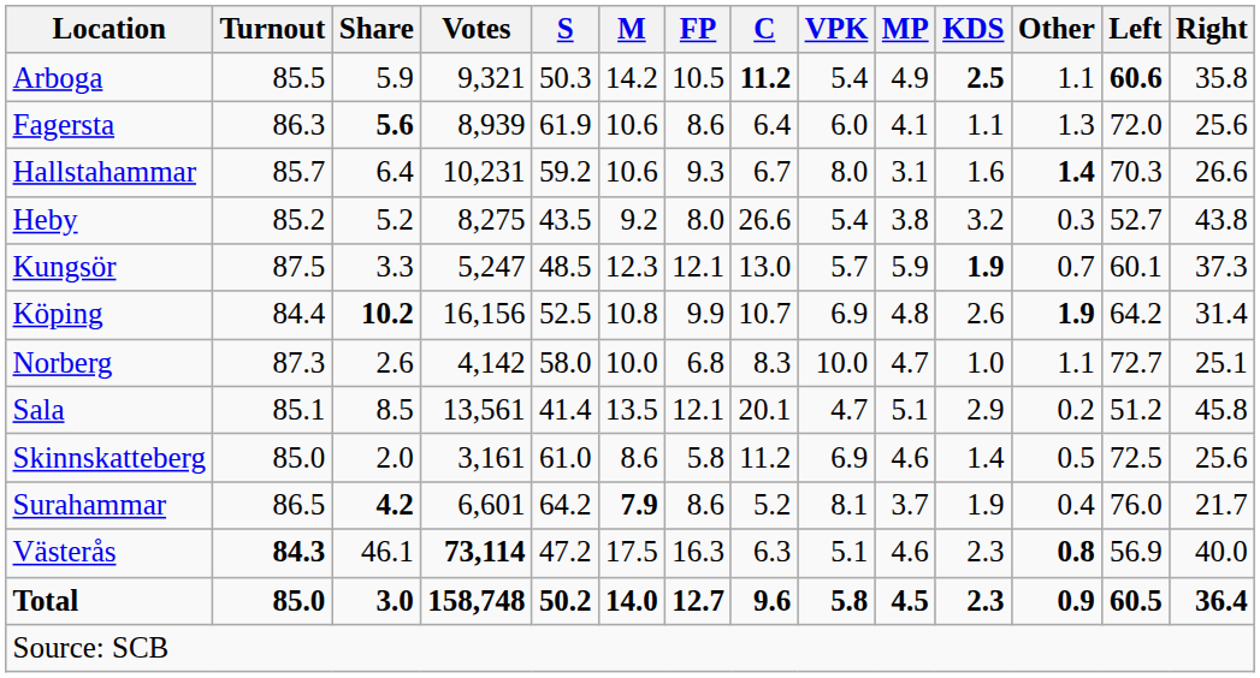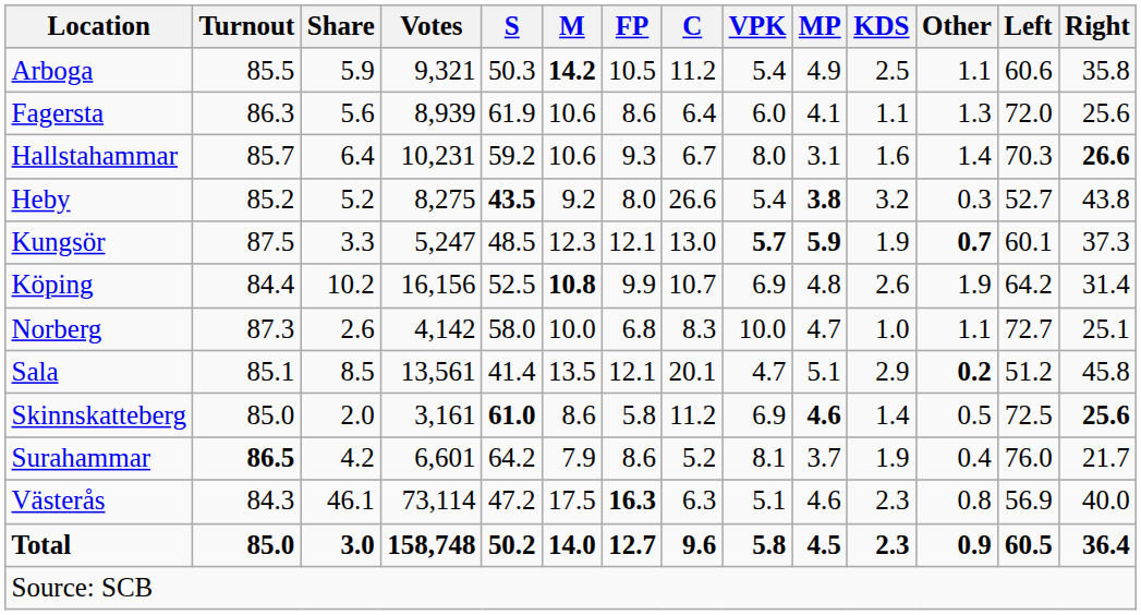 <table class="wikitable sortable" style=text-align:right>
 <tr>
 <th>Location</th>
 <th>Turnout</th>
 <th>Share</th>
 <th>Votes</th>
 <th><a href='#'>S</a></th>
 <th><a href='#'>M</a></th>
 <th><a href='#'>FP</a></th>
 <th><a href='#'>C</a></th>
 <th><a href='#'>VPK</a></th>
 <th><a href='#'>MP</a></th>
 <th><a href='#'>KDS</a></th>
 <th>Other</th>
 <th>Left</th>
 <th>Right</th>
 </tr>
 <tr>
 <td align=left><a href='#'>Arboga</a></td>
 <td>85.5</td>
 <td>5.9</td>
 <td>9,321</td>
 <td>50.3</td>
-<td>14.2</td>
+<td><strong>14.2</strong></td>
 <td>10.5</td>
-<td><strong>11.2</strong></td>
+<td>11.2</td>
 <td>5.4</td>
 <td>4.9</td>
-<td><strong>2.5</strong></td>
+<td>2.5</td>
 <td>1.1</td>
-<td><strong>60.6</strong></td>
+<td>60.6</td>
 <td>35.8</td>
 </tr>
 <tr>
 <td align=left><a href='#'>Fagersta</a></td>
 <td>86.3</td>
-<td><strong>5.6</strong></td>
+<td>5.6</td>
 <td>8,939</td>
 <td>61.9</td>
 <td>10.6</td>
 <td>8.6</td>
 <td>6.4</td>
 <td>6.0</td>
 <td>4.1</td>
 <td>1.1</td>
 <td>1.3</td>
 <td>72.0</td>
 <td>25.6</td>
 </tr>
 <tr>
 <td align=left><a href='#'>Hallstahammar</a></td>
 <td>85.7</td>
 <td>6.4</td>
 <td>10,231</td>
 <td>59.2</td>
 <td>10.6</td>
 <td>9.3</td>
 <td>6.7</td>
 <td>8.0</td>
 <td>3.1</td>
 <td>1.6</td>
-<td><strong>1.4</strong></td>
+<td>1.4</td>
 <td>70.3</td>
-<td>26.6</td>
+<td><strong>26.6</strong></td>
 </tr>
 <tr>
 <td align=left><a href='#'>Heby</a></td>
 <td>85.2</td>
 <td>5.2</td>
 <td>8,275</td>
-<td>43.5</td>
+<td><strong>43.5</strong></td>
 <td>9.2</td>
 <td>8.0</td>
 <td>26.6</td>
 <td>5.4</td>
-<td>3.8</td>
+<td><strong>3.8</strong></td>
 <td>3.2</td>
 <td>0.3</td>
 <td>52.7</td>
 <td>43.8</td>
 </tr>
 <tr>
 <td align=left><a href='#'>Kungsör</a></td>
 <td>87.5</td>
 <td>3.3</td>
 <td>5,247</td>
 <td>48.5</td>
 <td>12.3</td>
 <td>12.1</td>
 <td>13.0</td>
-<td>5.7</td>
-<td>5.9</td>
-<td><strong>1.9</strong></td>
-<td>0.7</td>
+<td><strong>5.7</strong></td>
+<td><strong>5.9</strong></td>
+<td>1.9</td>
+<td><strong>0.7</strong></td>
 <td>60.1</td>
 <td>37.3</td>
 </tr>
 <tr>
 <td align=left><a href='#'>Köping</a></td>
 <td>84.4</td>
-<td><strong>10.2</strong></td>
+<td>10.2</td>
 <td>16,156</td>
 <td>52.5</td>
-<td>10.8</td>
+<td><strong>10.8</strong></td>
 <td>9.9</td>
 <td>10.7</td>
 <td>6.9</td>
 <td>4.8</td>
 <td>2.6</td>
-<td><strong>1.9</strong></td>
+<td>1.9</td>
 <td>64.2</td>
 <td>31.4</td>
 </tr>
 <tr>
 <td align=left><a href='#'>Norberg</a></td>
 <td>87.3</td>
 <td>2.6</td>
 <td>4,142</td>
 <td>58.0</td>
 <td>10.0</td>
 <td>6.8</td>
 <td>8.3</td>
 <td>10.0</td>
 <td>4.7</td>
 <td>1.0</td>
 <td>1.1</td>
 <td>72.7</td>
 <td>25.1</td>
 </tr>
 <tr>
 <td align=left><a href='#'>Sala</a></td>
 <td>85.1</td>
 <td>8.5</td>
 <td>13,561</td>
 <td>41.4</td>
 <td>13.5</td>
 <td>12.1</td>
 <td>20.1</td>
 <td>4.7</td>
 <td>5.1</td>
 <td>2.9</td>
-<td>0.2</td>
+<td><strong>0.2</strong></td>
 <td>51.2</td>
 <td>45.8</td>
 </tr>
 <tr>
 <td align=left><a href='#'>Skinnskatteberg</a></td>
 <td>85.0</td>
 <td>2.0</td>
 <td>3,161</td>
-<td>61.0</td>
+<td><strong>61.0</strong></td>
 <td>8.6</td>
 <td>5.8</td>
 <td>11.2</td>
 <td>6.9</td>
-<td>4.6</td>
+<td><strong>4.6</strong></td>
 <td>1.4</td>
 <td>0.5</td>
 <td>72.5</td>
-<td>25.6</td>
+<td><strong>25.6</strong></td>
 </tr>
 <tr>
 <td align=left><a href='#'>Surahammar</a></td>
-<td>86.5</td>
-<td><strong>4.2</strong></td>
+<td><strong>86.5</strong></td>
+<td>4.2</td>
 <td>6,601</td>
 <td>64.2</td>
-<td><strong>7.9</strong></td>
+<td>7.9</td>
 <td>8.6</td>
 <td>5.2</td>
 <td>8.1</td>
 <td>3.7</td>
 <td>1.9</td>
 <td>0.4</td>
 <td>76.0</td>
 <td>21.7</td>
 </tr>
 <tr>
 <td align=left><a href='#'>Västerås</a></td>
-<td><strong>84.3</strong></td>
+<td>84.3</td>
 <td>46.1</td>
-<td><strong>73,114</strong></td>
+<td>73,114</td>
 <td>47.2</td>
 <td>17.5</td>
-<td>16.3</td>
+<td><strong>16.3</strong></td>
 <td>6.3</td>
 <td>5.1</td>
 <td>4.6</td>
 <td>2.3</td>
-<td><strong>0.8</strong></td>
+<td>0.8</td>
 <td>56.9</td>
 <td>40.0</td>
 </tr>
 <tr>
 <td align=left><strong>Total</strong></td>
 <td><strong>85.0</strong></td>
 <td><strong>3.0</strong></td>
 <td><strong>158,748</strong></td>
 <td><strong>50.2</strong></td>
 <td><strong>14.0</strong></td>
 <td><strong>12.7</strong></td>
 <td><strong>9.6</strong></td>
 <td><strong>5.8</strong></td>
 <td><strong>4.5</strong></td>
 <td><strong>2.3</strong></td>
 <td><strong>0.9</strong></td>
 <td><strong>60.5</strong></td>
 <td><strong>36.4</strong></td>
 </tr>
 <tr>
 <td align=left colspan=14>Source: SCB </td>
 </tr>
 </table>
